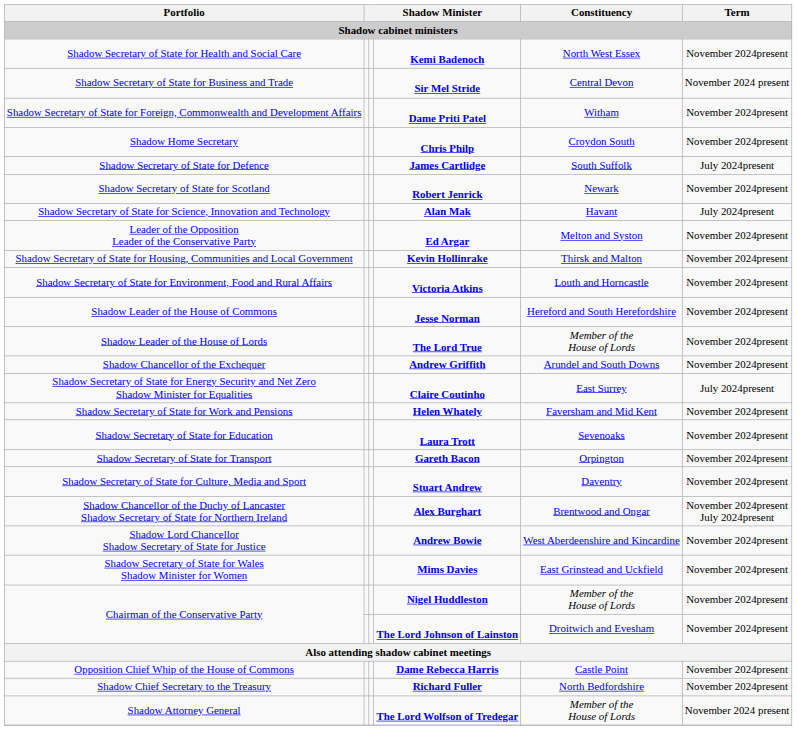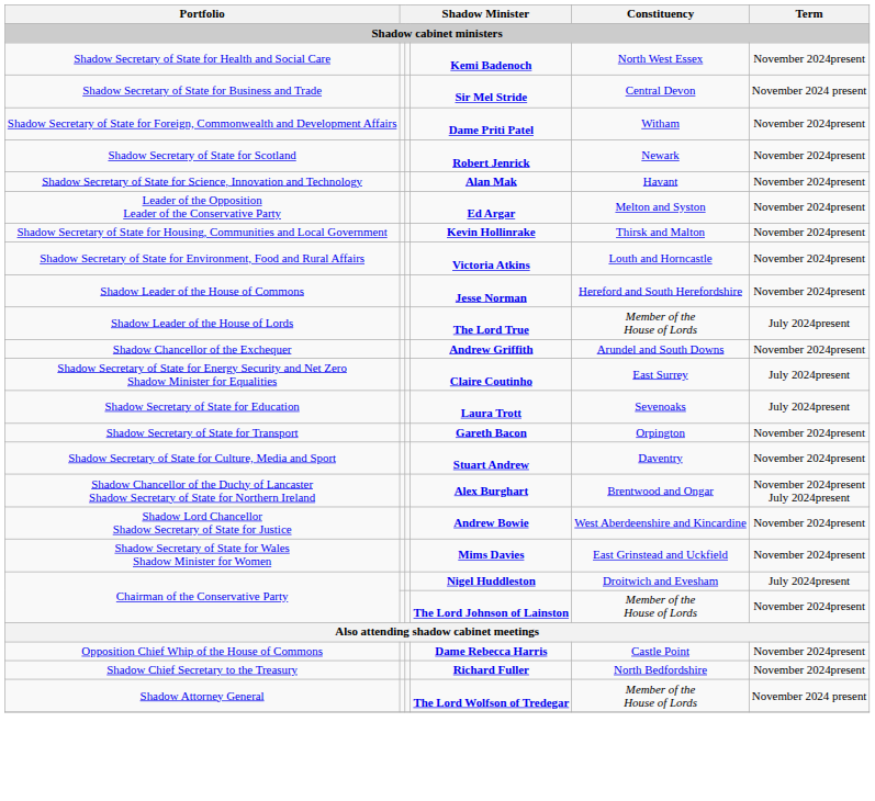 <table class="wikitable sortable" style="text-align: center;">
 <tr>
 <th>Portfolio</th>
 <th colspan=3>Shadow Minister</th>
 <th>Constituency</th>
 <th>Term</th>
 </tr>
 <tr>
 <th colspan="6" style="background:#ccc;">Shadow cabinet ministers</th>
 </tr>
 <tr>
 <td><a href='#'>Shadow Secretary of State for Health and Social Care</a></td>
 <td style="background: "></td>
 <td></td>
 <td><br><strong><a href='#'>Kemi Badenoch</a></strong><br></td>
 <td><a href='#'>North West Essex</a></td>
 <td>November 2024present</td>
 </tr>
 <tr>
 <td><a href='#'>Shadow Secretary of State for Business and Trade</a></td>
 <td style="background: "></td>
 <td></td>
 <td><br><strong><a href='#'>Sir Mel Stride</a></strong><br></td>
 <td><a href='#'>Central Devon</a></td>
 <td>November 2024 present</td>
 </tr>
 <tr>
 <td><a href='#'>Shadow Secretary of State for Foreign, Commonwealth and Development Affairs</a></td>
 <td style="background: "></td>
 <td></td>
 <td><br><strong><a href='#'>Dame Priti Patel</a></strong><br></td>
 <td><a href='#'>Witham</a></td>
 <td>November 2024present</td>
 </tr>
 <tr>
-<td><a href='#'>Shadow Home Secretary</a></td>
-<td style="background: "></td>
-<td></td>
-<td><br><strong><a href='#'>Chris Philp</a></strong><br></td>
-<td><a href='#'>Croydon South</a></td>
-<td>November 2024present</td>
-</tr>
-<tr>
-<td><a href='#'>Shadow Secretary of State for Defence</a></td>
-<td style="background: "></td>
-<td></td>
-<td><strong><a href='#'>James Cartlidge</a></strong><br></td>
-<td><a href='#'>South Suffolk</a></td>
-<td>July 2024present</td>
-</tr>
-<tr>
 <td><a href='#'>Shadow Secretary of State for Scotland</a></td>
 <td style="background: "></td>
 <td></td>
 <td><br><strong><a href='#'>Robert Jenrick</a></strong><br></td>
 <td><a href='#'>Newark</a></td>
 <td>November 2024present</td>
 </tr>
 <tr>
 <td><a href='#'>Shadow Secretary of State for Science, Innovation and Technology</a></td>
 <td style="background: "></td>
 <td></td>
 <td><strong><a href='#'>Alan Mak</a></strong><br></td>
 <td><a href='#'>Havant</a></td>
-<td>July 2024present</td>
+<td>November 2024present</td>
 </tr>
 <tr>
 <td><a href='#'>Leader of the Opposition</a><br><a href='#'>Leader of the Conservative Party</a></td>
 <td style="background: "></td>
 <td></td>
 <td><br><strong><a href='#'>Ed Argar</a></strong><br></td>
 <td><a href='#'>Melton and Syston</a></td>
 <td>November 2024present</td>
 </tr>
 <tr>
 <td><a href='#'>Shadow Secretary of State for Housing, Communities and Local Government</a></td>
 <td style="background: "></td>
 <td></td>
 <td><strong><a href='#'>Kevin Hollinrake</a></strong><br></td>
 <td><a href='#'>Thirsk and Malton</a></td>
 <td>November 2024present</td>
 </tr>
 <tr>
 <td><a href='#'>Shadow Secretary of State for Environment, Food and Rural Affairs</a></td>
 <td style="background: "></td>
 <td></td>
 <td><br><strong><a href='#'>Victoria Atkins</a></strong><br></td>
 <td><a href='#'>Louth and Horncastle</a></td>
 <td>November 2024present</td>
 </tr>
 <tr>
 <td><a href='#'>Shadow Leader of the House of Commons</a></td>
 <td style="background: "></td>
 <td></td>
 <td><br><strong><a href='#'>Jesse Norman</a></strong><br></td>
 <td><a href='#'>Hereford and South Herefordshire</a></td>
 <td>November 2024present</td>
 </tr>
 <tr>
 <td><a href='#'>Shadow Leader of the House of Lords</a></td>
 <td style="background: "></td>
 <td></td>
 <td><br><strong><a href='#'>The Lord True</a></strong><br></td>
 <td><em>Member of the<br>House of Lords</em></td>
-<td>November 2024present</td>
+<td>July 2024present</td>
 </tr>
 <tr>
 <td><a href='#'>Shadow Chancellor of the Exchequer</a></td>
 <td style="background: "></td>
 <td></td>
 <td><strong><a href='#'>Andrew Griffith</a></strong><br></td>
 <td><a href='#'>Arundel and South Downs</a></td>
 <td>November 2024present</td>
 </tr>
 <tr>
 <td><a href='#'>Shadow Secretary of State for Energy Security and Net Zero</a><br><a href='#'>Shadow Minister for Equalities</a></td>
 <td style="background: "></td>
 <td></td>
 <td><br><strong><a href='#'>Claire Coutinho</a></strong><br></td>
 <td><a href='#'>East Surrey</a></td>
 <td>July 2024present</td>
 </tr>
 <tr>
-<td><a href='#'>Shadow Secretary of State for Work and Pensions</a></td>
-<td style="background: "></td>
-<td></td>
-<td><strong><a href='#'>Helen Whately</a></strong><br></td>
-<td><a href='#'>Faversham and Mid Kent</a></td>
-<td>November 2024present</td>
-</tr>
-<tr>
 <td><a href='#'>Shadow Secretary of State for Education</a></td>
 <td style="background: "></td>
 <td></td>
 <td><br><strong><a href='#'>Laura Trott</a></strong><br></td>
 <td><a href='#'>Sevenoaks</a></td>
-<td>November 2024present</td>
+<td>July 2024present</td>
 </tr>
 <tr>
 <td><a href='#'>Shadow Secretary of State for Transport</a></td>
 <td style="background: "></td>
 <td></td>
 <td><strong><a href='#'>Gareth Bacon</a></strong><br></td>
 <td><a href='#'>Orpington</a></td>
 <td>November 2024present</td>
 </tr>
 <tr>
 <td><a href='#'>Shadow Secretary of State for Culture, Media and Sport</a></td>
 <td style="background: "></td>
 <td></td>
 <td><br><strong><a href='#'>Stuart Andrew</a></strong><br></td>
 <td><a href='#'>Daventry</a></td>
 <td>November 2024present</td>
 </tr>
 <tr>
 <td><a href='#'>Shadow Chancellor of the Duchy of Lancaster</a><br><a href='#'>Shadow Secretary of State for Northern Ireland</a></td>
 <td style="background: "></td>
 <td></td>
 <td><strong><a href='#'>Alex Burghart</a></strong><br></td>
 <td><a href='#'>Brentwood and Ongar</a></td>
 <td>November 2024present<br>July 2024present</td>
 </tr>
 <tr>
 <td><a href='#'>Shadow Lord Chancellor</a><br><a href='#'>Shadow Secretary of State for Justice</a></td>
 <td style="background: "></td>
 <td></td>
 <td><strong><a href='#'>Andrew Bowie</a></strong><br></td>
 <td><a href='#'>West Aberdeenshire and Kincardine</a></td>
 <td>November 2024present</td>
 </tr>
 <tr>
 <td><a href='#'>Shadow Secretary of State for Wales</a><br><a href='#'>Shadow Minister for Women</a></td>
 <td style="background: "></td>
 <td></td>
 <td><strong><a href='#'>Mims Davies</a></strong><br></td>
 <td><a href='#'>East Grinstead and Uckfield</a></td>
 <td>November 2024present</td>
 </tr>
 <tr>
 <td rowspan="2"><a href='#'>Chairman of the Conservative Party</a></td>
 <td style="background: "></td>
 <td></td>
 <td><strong><a href='#'>Nigel Huddleston</a></strong><br></td>
-<td><em>Member of the<br>House of Lords</em></td>
-<td>November 2024present</td>
+<td><a href='#'>Droitwich and Evesham</a></td>
+<td>July 2024present</td>
 </tr>
 <tr>
 <td style="background: "></td>
 <td></td>
 <td><br><strong><a href='#'>The Lord Johnson of Lainston</a></strong><br></td>
-<td><a href='#'>Droitwich and Evesham</a></td>
+<td><em>Member of the<br>House of Lords</em></td>
 <td>November 2024present</td>
 </tr>
 <tr>
 <th colspan="6">Also attending shadow cabinet meetings</th>
 </tr>
 <tr>
 <td><a href='#'>Opposition Chief Whip of the House of Commons</a></td>
 <td style="background: "></td>
 <td></td>
 <td><strong><a href='#'>Dame Rebecca Harris</a></strong><br></td>
 <td><a href='#'>Castle Point</a></td>
 <td>November 2024present</td>
 </tr>
 <tr>
 <td><a href='#'>Shadow Chief Secretary to the Treasury</a></td>
 <td style="background: "></td>
 <td></td>
 <td><strong><a href='#'>Richard Fuller</a></strong><br></td>
 <td><a href='#'>North Bedfordshire</a></td>
 <td>November 2024present</td>
 </tr>
 <tr>
 <td><a href='#'>Shadow Attorney General</a></td>
 <td style="background: "></td>
 <td></td>
 <td><br><strong><a href='#'>The Lord Wolfson of Tredegar</a></strong><br></td>
 <td><em>Member of the<br>House of Lords</em></td>
 <td>November 2024  present</td>
 </tr>
 <tr>
 </tr>
 </table>
